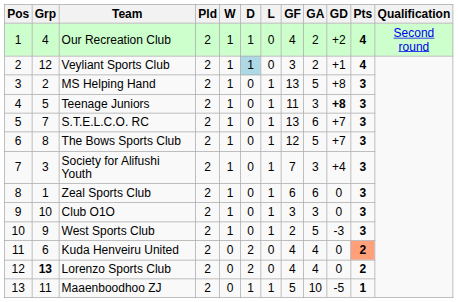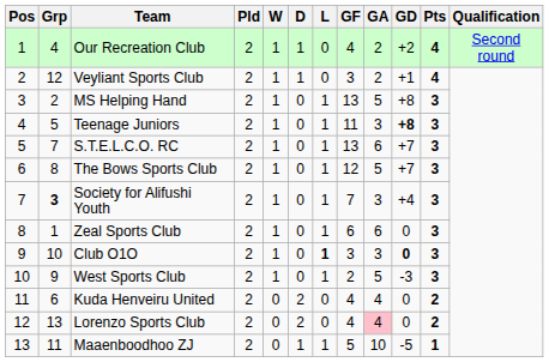 <table class="wikitable" style="text-align:center">
 <tr>
 <th style="width:20px;" abbr="Position">Pos</th>
 <th style="width:20px;" abbr="Group">Grp</th>
 <th width=175>Team</th>
 <th style="width:20px;" abbr="Played">Pld</th>
 <th style="width:20px;" abbr="Won">W</th>
 <th style="width:20px;" abbr="Drawn">D</th>
 <th style="width:20px;" abbr="Lost">L</th>
 <th style="width:20px;" abbr="Goals for">GF</th>
 <th style="width:20px;" abbr="Goals against">GA</th>
 <th style="width:20px;" abbr="Goal difference">GD</th>
 <th style="width:20px;" abbr="Points">Pts</th>
 <th style="width:20px;">Qualification</th>
 </tr>
 <tr style="background:#cfc;">
 <td>1</td>
 <td>4</td>
 <td align=left>Our Recreation Club</td>
 <td>2</td>
 <td>1</td>
 <td>1</td>
 <td>0</td>
 <td>4</td>
 <td>2</td>
 <td>+2</td>
 <td><strong>4</strong></td>
 <td><a href='#'>Second round</a></td>
 </tr>
 <tr>
 <td>2</td>
 <td>12</td>
 <td align=left>Veyliant Sports Club</td>
 <td>2</td>
 <td>1</td>
-<td style="background: lightblue;">1</td>
+<td>1</td>
 <td>0</td>
 <td>3</td>
 <td>2</td>
 <td>+1</td>
 <td><strong>4</strong></td>
 </tr>
 <tr>
 <td>3</td>
 <td>2</td>
 <td align=left>MS Helping Hand</td>
 <td>2</td>
 <td>1</td>
 <td>0</td>
 <td>1</td>
 <td>13</td>
 <td>5</td>
 <td>+8</td>
 <td><strong>3</strong></td>
 </tr>
 <tr>
 <td>4</td>
 <td>5</td>
 <td align=left>Teenage Juniors</td>
 <td>2</td>
 <td>1</td>
 <td>0</td>
 <td>1</td>
 <td>11</td>
 <td>3</td>
 <td><strong>+8</strong></td>
 <td><strong>3</strong></td>
 </tr>
 <tr>
 <td>5</td>
 <td>7</td>
 <td align=left>S.T.E.L.C.O. RC</td>
 <td>2</td>
 <td>1</td>
 <td>0</td>
 <td>1</td>
 <td>13</td>
 <td>6</td>
 <td>+7</td>
 <td><strong>3</strong></td>
 </tr>
 <tr>
 <td>6</td>
 <td>8</td>
 <td align=left>The Bows Sports Club</td>
 <td>2</td>
 <td>1</td>
 <td>0</td>
 <td>1</td>
 <td>12</td>
 <td>5</td>
 <td>+7</td>
 <td><strong>3</strong></td>
 </tr>
 <tr>
 <td>7</td>
-<td>3</td>
+<td><strong>3</strong></td>
 <td align=left>Society for Alifushi Youth</td>
 <td>2</td>
 <td>1</td>
 <td>0</td>
 <td>1</td>
 <td>7</td>
 <td>3</td>
 <td>+4</td>
 <td><strong>3</strong></td>
 </tr>
 <tr>
 <td>8</td>
 <td>1</td>
 <td align=left>Zeal Sports Club</td>
 <td>2</td>
 <td>1</td>
 <td>0</td>
 <td>1</td>
 <td>6</td>
 <td>6</td>
 <td>0</td>
 <td><strong>3</strong></td>
 </tr>
 <tr>
 <td>9</td>
 <td>10</td>
 <td align=left>Club O1O</td>
 <td>2</td>
 <td>1</td>
 <td>0</td>
-<td>1</td>
+<td><strong>1</strong></td>
 <td>3</td>
 <td>3</td>
-<td>0</td>
+<td><strong>0</strong></td>
 <td><strong>3</strong></td>
 </tr>
 <tr>
 <td>10</td>
 <td>9</td>
 <td align=left>West Sports Club</td>
 <td>2</td>
 <td>1</td>
 <td>0</td>
 <td>1</td>
 <td>2</td>
 <td>5</td>
 <td>-3</td>
 <td><strong>3</strong></td>
 </tr>
 <tr>
 <td>11</td>
 <td>6</td>
 <td align=left>Kuda Henveiru United</td>
 <td>2</td>
 <td>0</td>
 <td>2</td>
 <td>0</td>
 <td>4</td>
 <td>4</td>
 <td>0</td>
-<td style="background: lightsalmon;"><strong>2</strong></td>
+<td><strong>2</strong></td>
 </tr>
 <tr>
 <td>12</td>
-<td><strong>13</strong></td>
+<td>13</td>
 <td align=left>Lorenzo Sports Club</td>
 <td>2</td>
 <td>0</td>
 <td>2</td>
 <td>0</td>
 <td>4</td>
-<td>4</td>
+<td style="background: pink;">4</td>
 <td>0</td>
 <td><strong>2</strong></td>
 </tr>
 <tr>
 <td>13</td>
 <td>11</td>
 <td align=left>Maaenboodhoo ZJ</td>
 <td>2</td>
 <td>0</td>
 <td>1</td>
 <td>1</td>
 <td>5</td>
 <td>10</td>
 <td>-5</td>
 <td><strong>1</strong></td>
 </tr>
 </table>
